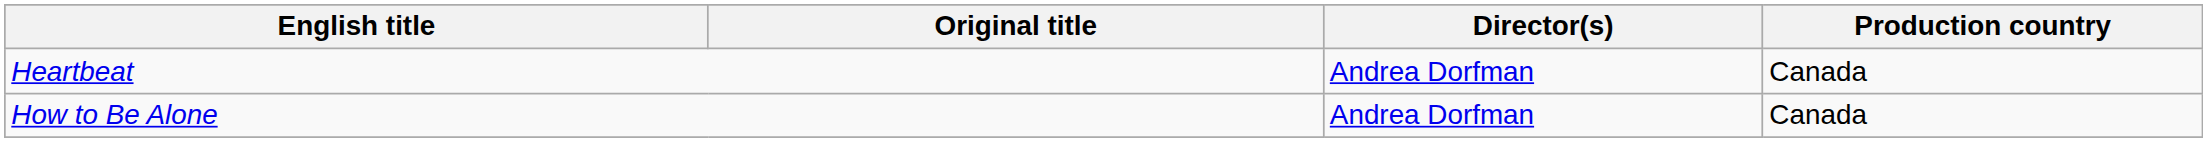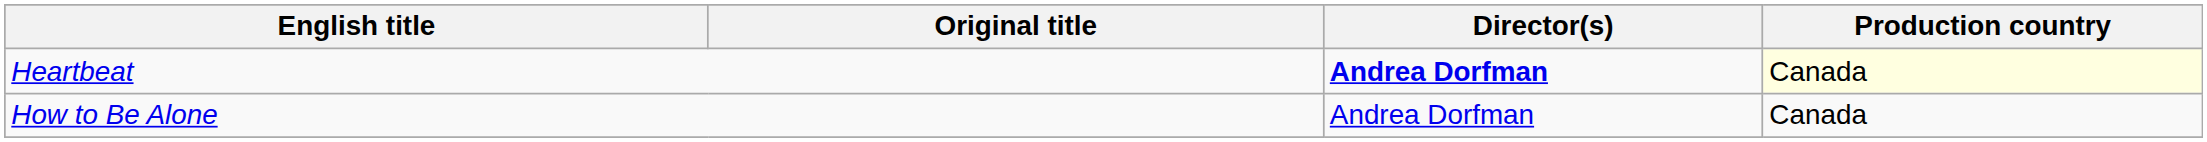 <table class="wikitable" width=100%>
 <tr>
 <th scope="col" width="32%">English title</th>
 <th scope="col" width="28%">Original title</th>
 <th scope="col" width="20%">Director(s)</th>
 <th scope="col" width="20%">Production country</th>
 </tr>
 <tr>
 <td colspan=2><em><a href='#'>Heartbeat</a></em></td>
-<td><a href='#'>Andrea Dorfman</a></td>
-<td>Canada</td>
+<td><strong><a href='#'>Andrea Dorfman</a></strong></td>
+<td style="background: lightyellow;">Canada</td>
 </tr>
 <tr>
 <td colspan=2><em><a href='#'>How to Be Alone</a></em></td>
 <td><a href='#'>Andrea Dorfman</a></td>
 <td>Canada</td>
 </tr>
 </table>
